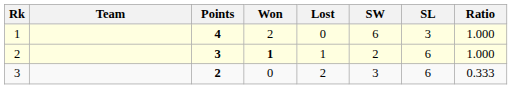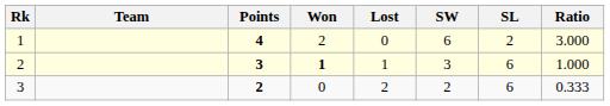 <table class=wikitable style="text-align:center">
 <tr bgcolor="#DCDCDC">
 <th width="25">Rk</th>
 <th width="200">Team</th>
 <th width="60">Points</th>
 <th width="60">Won</th>
 <th width="60">Lost</th>
 <th width="60">SW</th>
 <th width="60">SL</th>
 <th width="60">Ratio</th>
 </tr>
 <tr bgcolor=lightyellow>
 <td>1</td>
 <td align=left></td>
 <td><strong>4</strong></td>
 <td>2</td>
 <td>0</td>
 <td>6</td>
-<td>3</td>
-<td>1.000</td>
+<td>2</td>
+<td>3.000</td>
 </tr>
 <tr bgcolor=lightyellow>
 <td>2</td>
 <td align=left></td>
 <td><strong>3</strong></td>
 <td><strong>1</strong></td>
 <td>1</td>
-<td>2</td>
+<td>3</td>
 <td>6</td>
 <td>1.000</td>
 </tr>
 <tr>
 <td>3</td>
 <td align=left></td>
 <td><strong>2</strong></td>
 <td>0</td>
 <td>2</td>
-<td>3</td>
+<td>2</td>
 <td>6</td>
 <td>0.333</td>
 </tr>
 </table>
